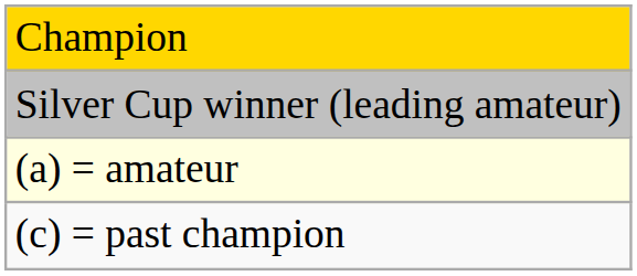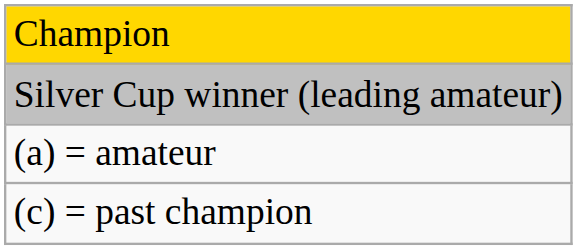 <table class="wikitable">
 <tr style="background:gold">
 <td>Champion</td>
 </tr>
 <tr style="background:silver">
 <td>Silver Cup winner (leading amateur)</td>
 </tr>
 <tr>
-<td style="background: lightyellow;">(a) = amateur</td>
+<td>(a) = amateur</td>
 </tr>
 <tr>
 <td>(c) = past champion</td>
 </tr>
 </table>
